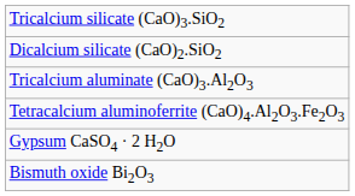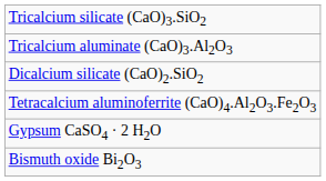 <table class="wikitable" border="1">
 <tr>
 <td><a href='#'>Tricalcium silicate</a> (CaO)<sub>3</sub>.SiO<sub>2</sub></td>
 </tr>
 <tr>
-<td><a href='#'>Dicalcium silicate</a> (CaO)<sub>2</sub>.SiO<sub>2</sub></td>
+<td><a href='#'>Tricalcium aluminate</a> (CaO)<sub>3</sub>.Al<sub>2</sub>O<sub>3</sub></td>
 </tr>
 <tr>
-<td><a href='#'>Tricalcium aluminate</a> (CaO)<sub>3</sub>.Al<sub>2</sub>O<sub>3</sub></td>
+<td><a href='#'>Dicalcium silicate</a> (CaO)<sub>2</sub>.SiO<sub>2</sub></td>
 </tr>
 <tr>
 <td><a href='#'>Tetracalcium aluminoferrite</a> (CaO)<sub>4</sub>.Al<sub>2</sub>O<sub>3</sub>.Fe<sub>2</sub>O<sub>3</sub></td>
 </tr>
 <tr>
 <td><a href='#'>Gypsum</a> CaSO<sub>4</sub> · 2 H<sub>2</sub>O</td>
 </tr>
 <tr>
 <td><a href='#'>Bismuth oxide</a> Bi<sub>2</sub>O<sub>3</sub></td>
 </tr>
 </table>
